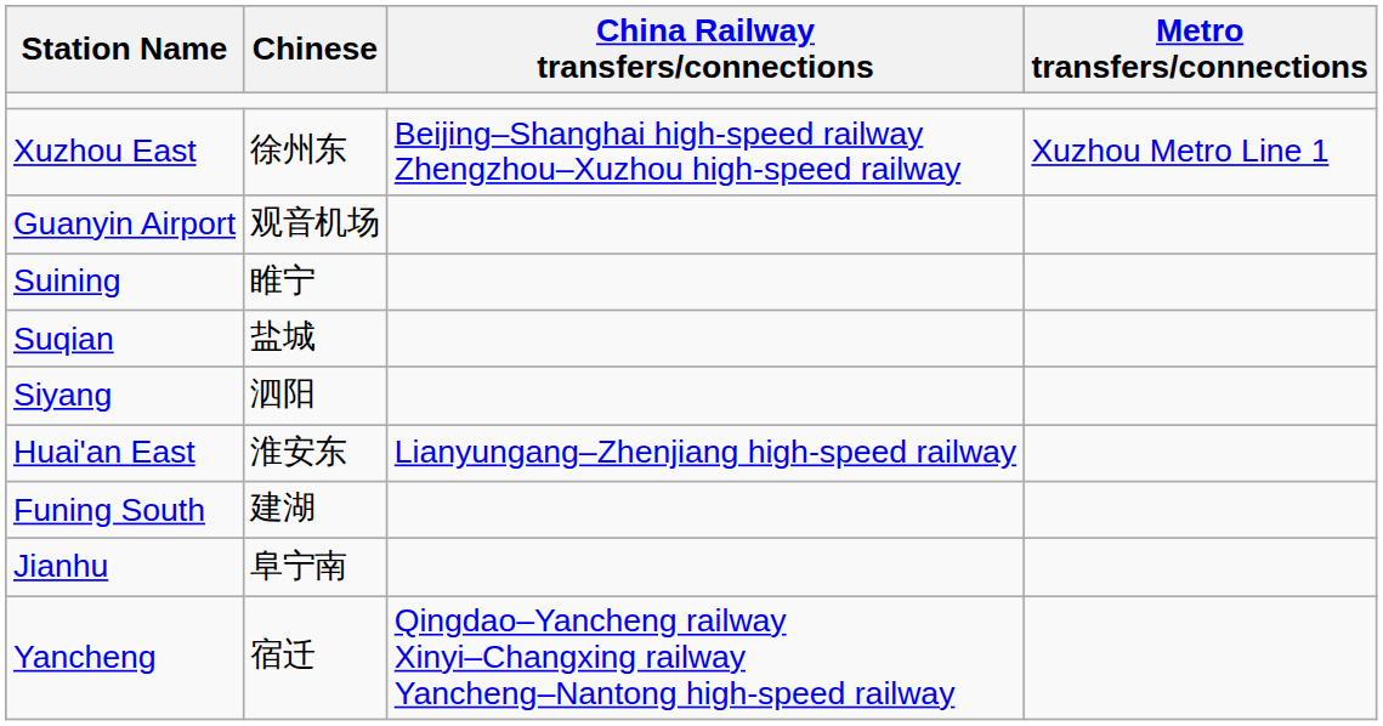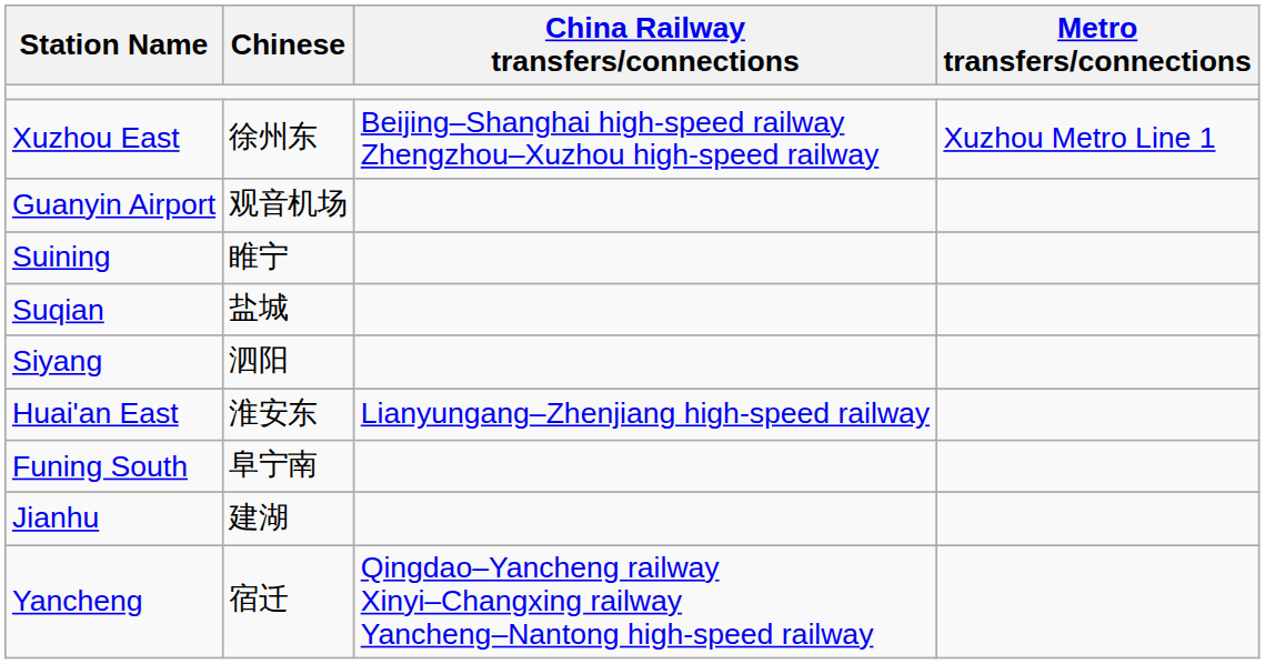 <table class="wikitable">
 <tr>
 <th>Station Name</th>
 <th>Chinese<br></th>
 <th><a href='#'>China Railway</a><br>transfers/connections</th>
 <th><a href='#'>Metro</a><br>transfers/connections<br></th>
 </tr>
 <tr style="background:#">
 <td colspan = "11"></td>
 </tr>
 <tr>
 <td><a href='#'>Xuzhou East</a></td>
 <td>徐州东</td>
 <td><a href='#'>Beijing–Shanghai high-speed railway</a><br><a href='#'>Zhengzhou–Xuzhou high-speed railway</a></td>
 <td> <a href='#'>Xuzhou Metro Line 1</a></td>
 </tr>
 <tr>
 <td><a href='#'>Guanyin Airport</a></td>
 <td>观音机场</td>
 <td></td>
 <td></td>
 </tr>
 <tr>
 <td><a href='#'>Suining</a></td>
 <td>睢宁</td>
 <td></td>
 <td></td>
 </tr>
 <tr>
 <td><a href='#'>Suqian</a></td>
 <td>盐城</td>
 <td></td>
 <td></td>
 </tr>
 <tr>
 <td><a href='#'>Siyang</a></td>
 <td>泗阳</td>
 <td></td>
 <td></td>
 </tr>
 <tr>
 <td><a href='#'>Huai'an East</a></td>
 <td>淮安东</td>
 <td><a href='#'>Lianyungang–Zhenjiang high-speed railway</a></td>
 <td></td>
 </tr>
 <tr>
 <td><a href='#'>Funing South</a></td>
-<td>建湖</td>
+<td>阜宁南</td>
 <td></td>
 <td></td>
 </tr>
 <tr>
 <td><a href='#'>Jianhu</a></td>
-<td>阜宁南</td>
+<td>建湖</td>
 <td></td>
 <td></td>
 </tr>
 <tr>
 <td><a href='#'>Yancheng</a></td>
 <td>宿迁</td>
 <td><a href='#'>Qingdao–Yancheng railway</a><br><a href='#'>Xinyi–Changxing railway</a><br><a href='#'>Yancheng–Nantong high-speed railway</a></td>
 <td></td>
 </tr>
 </table>
